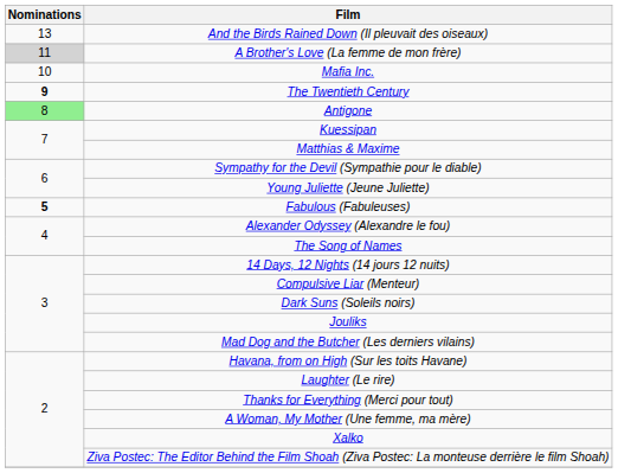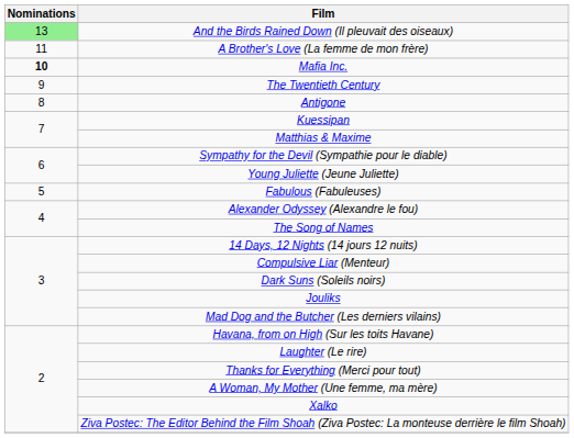 <table class="wikitable" style="text-align:center;">
 <tr>
 <th scope="col" width="17">Nominations</th>
 <th scope="col" align="center">Film</th>
 </tr>
 <tr>
-<td rowspan="1" style="text-align:center;">13</td>
+<td rowspan="1" style="background: lightgreen; text-align:center;">13</td>
 <td><em><a href='#'>And the Birds Rained Down</a> (Il pleuvait des oiseaux)</em></td>
 </tr>
 <tr>
-<td rowspan="1" style="background: lightgrey; text-align:center;">11</td>
+<td rowspan="1" style="text-align:center;">11</td>
 <td><em><a href='#'>A Brother's Love</a> (La femme de mon frère)</em></td>
 </tr>
 <tr>
-<td rowspan="1" style="text-align:center;">10</td>
+<td rowspan="1" style="text-align:center;"><strong>10</strong></td>
 <td><em><a href='#'>Mafia Inc.</a></em></td>
 </tr>
 <tr>
-<td rowspan="1" style="text-align:center;"><strong>9</strong></td>
+<td rowspan="1" style="text-align:center;">9</td>
 <td><em><a href='#'>The Twentieth Century</a></em></td>
 </tr>
 <tr>
-<td rowspan="1" style="background: lightgreen; text-align:center;">8</td>
+<td rowspan="1" style="text-align:center;">8</td>
 <td><em><a href='#'>Antigone</a></em></td>
 </tr>
 <tr>
 <td rowspan="2" style="text-align:center;">7</td>
 <td><em><a href='#'>Kuessipan</a></em></td>
 </tr>
 <tr>
 <td><em><a href='#'>Matthias & Maxime</a></em></td>
 </tr>
 <tr>
 <td rowspan="2" style="text-align:center;">6</td>
 <td><em><a href='#'>Sympathy for the Devil</a> (Sympathie pour le diable)</em></td>
 </tr>
 <tr>
 <td><em><a href='#'>Young Juliette</a> (Jeune Juliette)</em></td>
 </tr>
 <tr>
-<td rowspan="1" style="text-align:center;"><strong>5</strong></td>
+<td rowspan="1" style="text-align:center;">5</td>
 <td><em><a href='#'>Fabulous</a> (Fabuleuses)</em></td>
 </tr>
 <tr>
 <td rowspan="2" style="text-align:center;">4</td>
 <td><em><a href='#'>Alexander Odyssey</a> (Alexandre le fou)</em></td>
 </tr>
 <tr>
 <td><em><a href='#'>The Song of Names</a></em></td>
 </tr>
 <tr>
 <td rowspan="5" style="text-align:center;">3</td>
 <td><em><a href='#'>14 Days, 12 Nights</a> (14 jours 12 nuits)</em></td>
 </tr>
 <tr>
 <td><em><a href='#'>Compulsive Liar</a> (Menteur)</em></td>
 </tr>
 <tr>
 <td><em><a href='#'>Dark Suns</a> (Soleils noirs)</em></td>
 </tr>
 <tr>
 <td><em><a href='#'>Jouliks</a></em></td>
 </tr>
 <tr>
 <td><em><a href='#'>Mad Dog and the Butcher</a> (Les derniers vilains)</em></td>
 </tr>
 <tr>
 <td rowspan="6" style="text-align:center;">2</td>
 <td><em><a href='#'>Havana, from on High</a> (Sur les toits Havane)</em></td>
 </tr>
 <tr>
 <td><em><a href='#'>Laughter</a> (Le rire)</em></td>
 </tr>
 <tr>
 <td><em><a href='#'>Thanks for Everything</a> (Merci pour tout)</em></td>
 </tr>
 <tr>
 <td><em><a href='#'>A Woman, My Mother</a> (Une femme, ma mère)</em></td>
 </tr>
 <tr>
 <td><em><a href='#'>Xalko</a></em></td>
 </tr>
 <tr>
 <td><em><a href='#'>Ziva Postec: The Editor Behind the Film Shoah</a> (Ziva Postec: La monteuse derrière le film Shoah)</em></td>
 </tr>
 <tr>
 </tr>
 </table>
